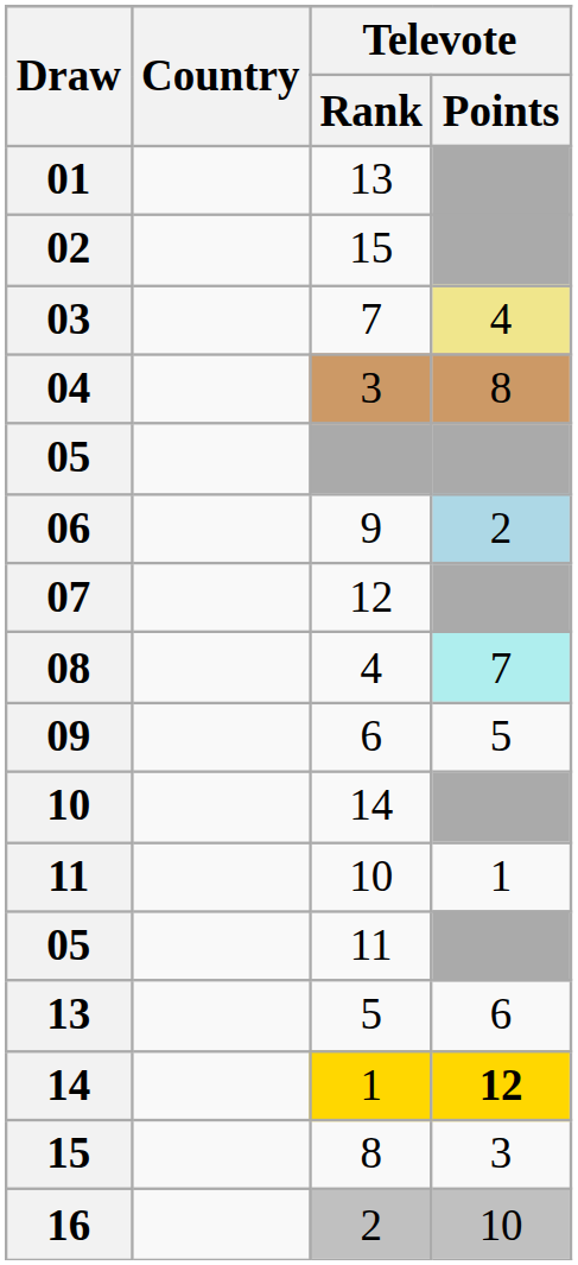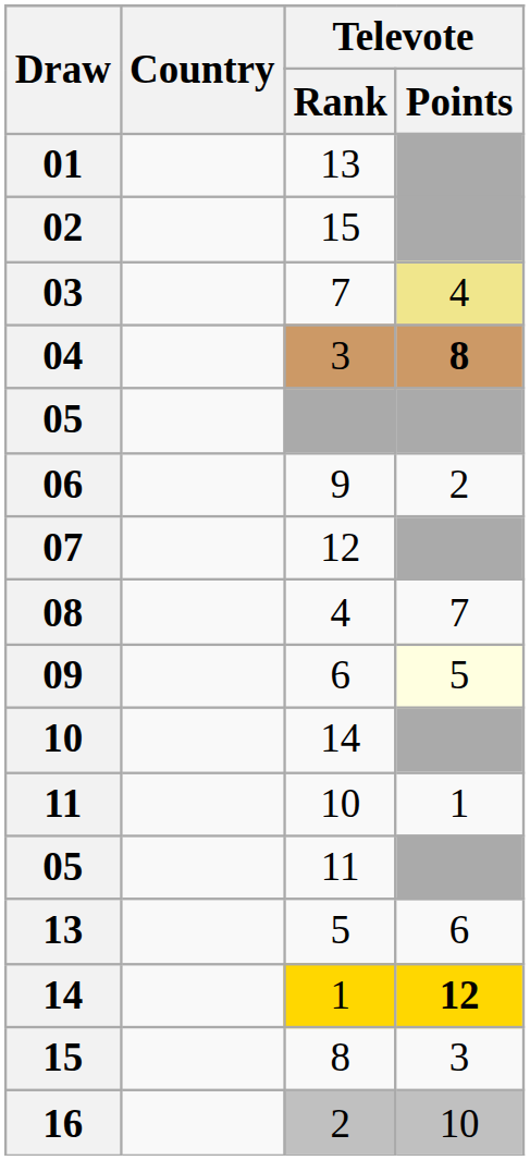 <table class="sortable wikitable collapsible plainrowheaders" style="text-align:center;">
 <tr>
 </tr>
 <tr>
 <th scope="col" rowspan="2">Draw</th>
 <th scope="col" rowspan="2">Country</th>
 <th scope="col" colspan="2">Televote</th>
 </tr>
 <tr>
 <th scope="col">Rank</th>
 <th scope="col" class="unsortable">Points</th>
 </tr>
 <tr>
 <th scope="row" style="text-align:center;">01</th>
 <td style="text-align:left;"></td>
 <td>13</td>
 <td style="background:#AAAAAA;"></td>
 </tr>
 <tr>
 <th scope="row" style="text-align:center;">02</th>
 <td style="text-align:left;"></td>
 <td>15</td>
 <td style="background:#AAAAAA;"></td>
 </tr>
 <tr>
 <th scope="row" style="text-align:center;">03</th>
 <td style="text-align:left;"></td>
 <td>7</td>
 <td style="background: khaki;">4</td>
 </tr>
 <tr>
 <th scope="row" style="text-align:center;">04</th>
 <td style="text-align:left;"></td>
 <td style="background:#CC9966;">3</td>
-<td style="background:#CC9966;">8</td>
+<td style="background:#CC9966;"><strong>8</strong></td>
 </tr>
 <tr class="sortbottom">
 <th scope="row" style="text-align:center;">05</th>
 <td style="text-align:left;"></td>
 <td style="background:#AAAAAA;"></td>
 <td style="background:#AAAAAA;"></td>
 </tr>
 <tr>
 <th scope="row" style="text-align:center;">06</th>
 <td style="text-align:left;"></td>
 <td>9</td>
-<td style="background: lightblue;">2</td>
+<td>2</td>
 </tr>
 <tr>
 <th scope="row" style="text-align:center;">07</th>
 <td style="text-align:left;"></td>
 <td>12</td>
 <td style="background:#AAAAAA;"></td>
 </tr>
 <tr>
 <th scope="row" style="text-align:center;">08</th>
 <td style="text-align:left;"></td>
 <td>4</td>
-<td style="background: paleturquoise;">7</td>
+<td>7</td>
 </tr>
 <tr>
 <th scope="row" style="text-align:center;">09</th>
 <td style="text-align:left;"></td>
 <td>6</td>
-<td>5</td>
+<td style="background: lightyellow;">5</td>
 </tr>
 <tr>
 <th scope="row" style="text-align:center;">10</th>
 <td style="text-align:left;"></td>
 <td>14</td>
 <td style="background:#AAAAAA;"></td>
 </tr>
 <tr>
 <th scope="row" style="text-align:center;">11</th>
 <td style="text-align:left;"></td>
 <td>10</td>
 <td>1</td>
 </tr>
 <tr>
 <th scope="row" style="text-align:center;">05</th>
 <td style="text-align:left;"></td>
 <td>11</td>
 <td style="background:#AAAAAA;"></td>
 </tr>
 <tr>
 <th scope="row" style="text-align:center;">13</th>
 <td style="text-align:left;"></td>
 <td>5</td>
 <td>6</td>
 </tr>
 <tr>
 <th scope="row" style="text-align:center;">14</th>
 <td style="text-align:left;"></td>
 <td style="background:gold;">1</td>
 <td style="background:gold;"><strong>12</strong></td>
 </tr>
 <tr>
 <th scope="row" style="text-align:center;">15</th>
 <td style="text-align:left;"></td>
 <td>8</td>
 <td>3</td>
 </tr>
 <tr>
 <th scope="row" style="text-align:center;">16</th>
 <td style="text-align:left;"></td>
 <td style="background:silver;">2</td>
 <td style="background:silver;">10</td>
 </tr>
 </table>
